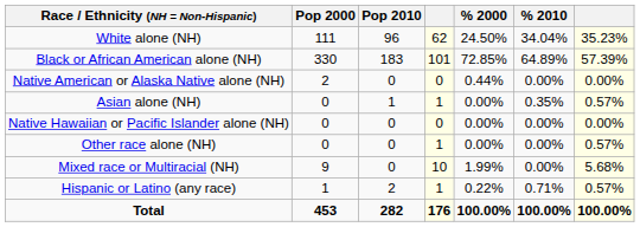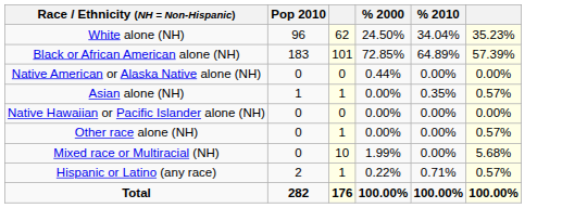 <table class="wikitable" style="text-align:center;">
 <tr>
 <th>Race / Ethnicity <small>(<em>NH = Non-Hispanic</em>)</small></th>
-<th>Pop 2000</th>
 <th>Pop 2010</th>
 <th></th>
 <th>% 2000</th>
 <th>% 2010</th>
 <th></th>
 </tr>
 <tr>
 <td><a href='#'>White</a> alone (NH)</td>
-<td>111</td>
 <td>96</td>
 <td style='background: #ffffe6;'>62</td>
 <td>24.50%</td>
 <td>34.04%</td>
 <td style='background: #ffffe6;'>35.23%</td>
 </tr>
 <tr>
 <td><a href='#'>Black or African American</a> alone (NH)</td>
-<td>330</td>
 <td>183</td>
 <td style='background: #ffffe6;'>101</td>
 <td>72.85%</td>
 <td>64.89%</td>
 <td style='background: #ffffe6;'>57.39%</td>
 </tr>
 <tr>
 <td><a href='#'>Native American</a> or <a href='#'>Alaska Native</a> alone (NH)</td>
-<td>2</td>
 <td>0</td>
 <td style='background: #ffffe6;'>0</td>
 <td>0.44%</td>
 <td>0.00%</td>
 <td style='background: #ffffe6;'>0.00%</td>
 </tr>
 <tr>
 <td><a href='#'>Asian</a> alone (NH)</td>
-<td>0</td>
 <td>1</td>
 <td style='background: #ffffe6;'>1</td>
 <td>0.00%</td>
 <td>0.35%</td>
 <td style='background: #ffffe6;'>0.57%</td>
 </tr>
 <tr>
 <td><a href='#'>Native Hawaiian</a> or <a href='#'>Pacific Islander</a> alone (NH)</td>
 <td>0</td>
-<td>0</td>
 <td style='background: #ffffe6;'>0</td>
 <td>0.00%</td>
 <td>0.00%</td>
 <td style='background: #ffffe6;'>0.00%</td>
 </tr>
 <tr>
 <td><a href='#'>Other race</a> alone (NH)</td>
 <td>0</td>
-<td>0</td>
 <td style='background: #ffffe6;'>1</td>
 <td>0.00%</td>
 <td>0.00%</td>
 <td style='background: #ffffe6;'>0.57%</td>
 </tr>
 <tr>
 <td><a href='#'>Mixed race or Multiracial</a> (NH)</td>
-<td>9</td>
 <td>0</td>
 <td style='background: #ffffe6;'>10</td>
 <td>1.99%</td>
 <td>0.00%</td>
 <td style='background: #ffffe6;'>5.68%</td>
 </tr>
 <tr>
 <td><a href='#'>Hispanic or Latino</a> (any race)</td>
-<td>1</td>
 <td>2</td>
 <td style='background: #ffffe6;'>1</td>
 <td>0.22%</td>
 <td>0.71%</td>
 <td style='background: #ffffe6;'>0.57%</td>
 </tr>
 <tr>
 <td><strong>Total</strong></td>
-<td><strong>453</strong></td>
 <td><strong>282</strong></td>
 <td style='background: #ffffe6;'><strong>176</strong></td>
 <td><strong>100.00%</strong></td>
 <td><strong>100.00%</strong></td>
 <td style='background: #ffffe6;'><strong>100.00%</strong></td>
 </tr>
 </table>
